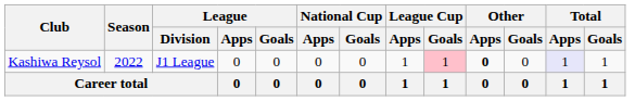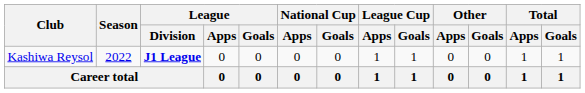 <table class="wikitable" style="text-align: center">
 <tr>
 <th rowspan="2">Club</th>
 <th rowspan="2">Season</th>
 <th colspan="3">League</th>
 <th colspan="2">National Cup</th>
 <th colspan="2">League Cup</th>
 <th colspan="2">Other</th>
 <th colspan="2">Total</th>
 </tr>
 <tr>
 <th>Division</th>
 <th>Apps</th>
 <th>Goals</th>
 <th>Apps</th>
 <th>Goals</th>
 <th>Apps</th>
 <th>Goals</th>
 <th>Apps</th>
 <th>Goals</th>
 <th>Apps</th>
 <th>Goals</th>
 </tr>
 <tr>
 <td><a href='#'>Kashiwa Reysol</a></td>
 <td><a href='#'>2022</a></td>
-<td><a href='#'>J1 League</a></td>
+<td><strong><a href='#'>J1 League</a></strong></td>
 <td>0</td>
 <td>0</td>
 <td>0</td>
 <td>0</td>
 <td>1</td>
-<td style="background: pink;">1</td>
-<td><strong>0</strong></td>
+<td>1</td>
 <td>0</td>
-<td style="background: lavender;">1</td>
+<td>0</td>
+<td>1</td>
 <td>1</td>
 </tr>
 <tr>
 <th colspan=3>Career total</th>
 <th>0</th>
 <th>0</th>
 <th>0</th>
 <th>0</th>
 <th>1</th>
 <th>1</th>
 <th>0</th>
 <th>0</th>
 <th>1</th>
 <th>1</th>
 </tr>
 </table>
